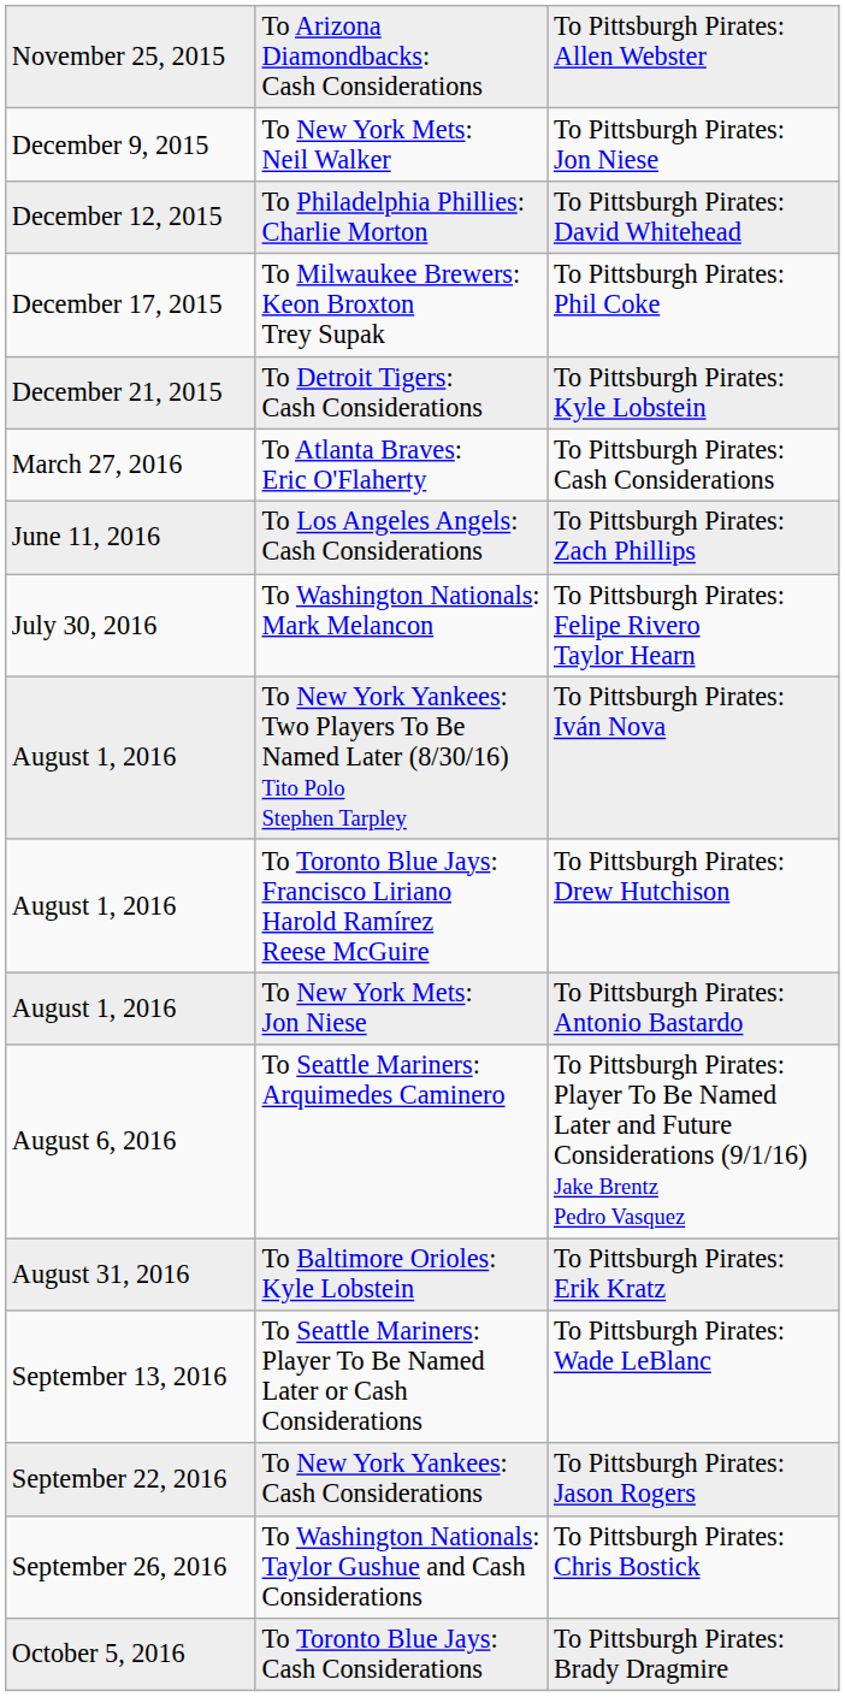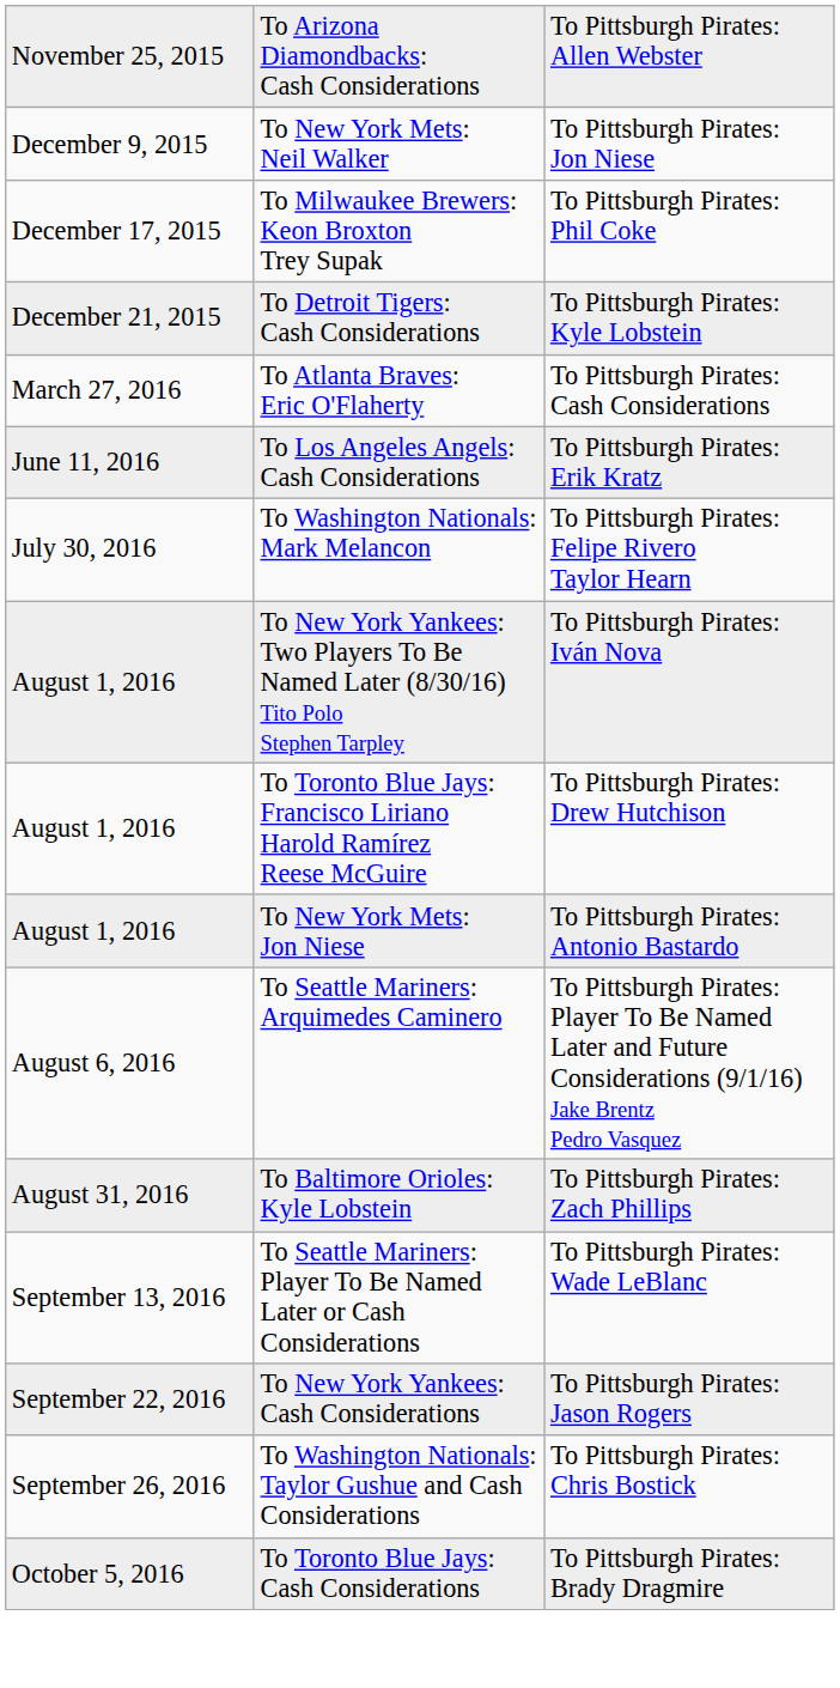 <table class="wikitable" style="border:1px solid #999999; width:80%;">
 <tr bgcolor="eeeeee">
 <td style="width:30%;">November 25, 2015</td>
 <td style="width:35%;" valign="top">To <a href='#'>Arizona Diamondbacks</a>:<br>Cash Considerations</td>
 <td style="width:35%;" valign="top">To Pittsburgh Pirates:<br><a href='#'>Allen Webster</a></td>
 </tr>
 <tr bgcolor=>
 <td style="width:30%;">December 9, 2015</td>
 <td style="width:35%;" valign="top">To <a href='#'>New York Mets</a>:<br><a href='#'>Neil Walker</a></td>
 <td style="width:35%;" valign="top">To Pittsburgh Pirates:<br><a href='#'>Jon Niese</a></td>
-</tr>
-<tr bgcolor="eeeeee">
-<td style="width:30%;">December 12, 2015</td>
-<td style="width:35%;" valign="top">To <a href='#'>Philadelphia Phillies</a>:<br><a href='#'>Charlie Morton</a></td>
-<td style="width:35%;" valign="top">To Pittsburgh Pirates:<br><a href='#'>David Whitehead</a></td>
 </tr>
 <tr bgcolor=>
 <td style="width:30%;">December 17, 2015</td>
 <td style="width:35%;" valign="top">To <a href='#'>Milwaukee Brewers</a>:<br><a href='#'>Keon Broxton</a><br> Trey Supak</td>
 <td style="width:35%;" valign="top">To Pittsburgh Pirates:<br><a href='#'>Phil Coke</a></td>
 </tr>
 <tr bgcolor="eeeeee">
 <td style="width:30%;">December 21, 2015</td>
 <td style="width:35%;" valign="top">To <a href='#'>Detroit Tigers</a>:<br>Cash Considerations</td>
 <td style="width:35%;" valign="top">To Pittsburgh Pirates:<br><a href='#'>Kyle Lobstein</a></td>
 </tr>
 <tr bgcolor=>
 <td style="width:30%;">March 27, 2016</td>
 <td style="width:35%;" valign="top">To <a href='#'>Atlanta Braves</a>:<br><a href='#'>Eric O'Flaherty</a></td>
 <td style="width:35%;" valign="top">To Pittsburgh Pirates:<br>Cash Considerations</td>
 </tr>
 <tr bgcolor="eeeeee">
 <td style="width:30%;">June 11, 2016</td>
 <td style="width:35%;" valign="top">To <a href='#'>Los Angeles Angels</a>:<br>Cash Considerations</td>
-<td style="width:35%;" valign="top">To Pittsburgh Pirates:<br><a href='#'>Zach Phillips</a></td>
+<td style="width:35%;" valign="top">To Pittsburgh Pirates:<br><a href='#'>Erik Kratz</a></td>
 </tr>
 <tr bgcolor=>
 <td style="width:30%;">July 30, 2016</td>
 <td style="width:35%;" valign="top">To <a href='#'>Washington Nationals</a>:<br><a href='#'>Mark Melancon</a></td>
 <td style="width:35%;" valign="top">To Pittsburgh Pirates:<br><a href='#'>Felipe Rivero</a><br><a href='#'>Taylor Hearn</a></td>
 </tr>
 <tr bgcolor="eeeeee">
 <td style="width:30%;">August 1, 2016</td>
 <td style="width:35%;" valign="top">To <a href='#'>New York Yankees</a>:<br>Two Players To Be Named Later (8/30/16)<br> <small><a href='#'>Tito Polo</a><br><a href='#'>Stephen Tarpley</a></small></td>
 <td style="width:35%;" valign="top">To Pittsburgh Pirates:<br><a href='#'>Iván Nova</a></td>
 </tr>
 <tr bgcolor=>
 <td style="width:30%;">August 1, 2016</td>
 <td style="width:35%;" valign="top">To <a href='#'>Toronto Blue Jays</a>:<br><a href='#'>Francisco Liriano</a><br><a href='#'>Harold Ramírez</a><br><a href='#'>Reese McGuire</a></td>
 <td style="width:35%;" valign="top">To Pittsburgh Pirates:<br><a href='#'>Drew Hutchison</a></td>
 </tr>
 <tr bgcolor="eeeeee">
 <td style="width:30%;">August 1, 2016</td>
 <td style="width:35%;" valign="top">To <a href='#'>New York Mets</a>:<br><a href='#'>Jon Niese</a></td>
 <td style="width:35%;" valign="top">To Pittsburgh Pirates:<br><a href='#'>Antonio Bastardo</a></td>
 </tr>
 <tr bgcolor=>
 <td style="width:30%;">August 6, 2016</td>
 <td style="width:35%;" valign="top">To <a href='#'>Seattle Mariners</a>:<br><a href='#'>Arquimedes Caminero</a></td>
 <td style="width:35%;" valign="top">To Pittsburgh Pirates:<br>Player To Be Named Later and Future Considerations (9/1/16)<br> <small><a href='#'>Jake Brentz</a><br><a href='#'>Pedro Vasquez</a></small></td>
 </tr>
 <tr bgcolor="eeeeee">
 <td style="width:30%;">August 31, 2016</td>
 <td style="width:35%;" valign="top">To <a href='#'>Baltimore Orioles</a>:<br><a href='#'>Kyle Lobstein</a></td>
-<td style="width:35%;" valign="top">To Pittsburgh Pirates:<br><a href='#'>Erik Kratz</a></td>
+<td style="width:35%;" valign="top">To Pittsburgh Pirates:<br><a href='#'>Zach Phillips</a></td>
 </tr>
 <tr bgcolor=>
 <td style="width:30%;">September 13, 2016</td>
 <td style="width:35%;" valign="top">To <a href='#'>Seattle Mariners</a>:<br>Player To Be Named Later or Cash Considerations</td>
 <td style="width:35%;" valign="top">To Pittsburgh Pirates:<br><a href='#'>Wade LeBlanc</a></td>
 </tr>
 <tr bgcolor="eeeeee">
 <td style="width:30%;">September 22, 2016</td>
 <td style="width:35%;" valign="top">To <a href='#'>New York Yankees</a>:<br>Cash Considerations</td>
 <td style="width:35%;" valign="top">To Pittsburgh Pirates:<br><a href='#'>Jason Rogers</a></td>
 </tr>
 <tr bgcolor=>
 <td style="width:30%;">September 26, 2016</td>
 <td style="width:35%;" valign="top">To <a href='#'>Washington Nationals</a>:<br><a href='#'>Taylor Gushue</a> and Cash Considerations</td>
 <td style="width:35%;" valign="top">To Pittsburgh Pirates:<br><a href='#'>Chris Bostick</a></td>
 </tr>
 <tr bgcolor="eeeeee">
 <td style="width:30%;">October 5, 2016</td>
 <td style="width:35%;" valign="top">To <a href='#'>Toronto Blue Jays</a>:<br>Cash Considerations</td>
 <td style="width:35%;" valign="top">To Pittsburgh Pirates:<br>Brady Dragmire</td>
 </tr>
 </table>
